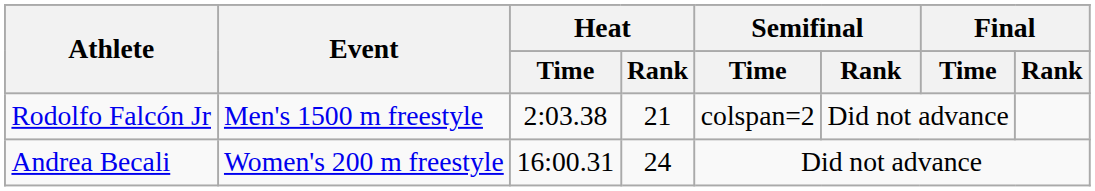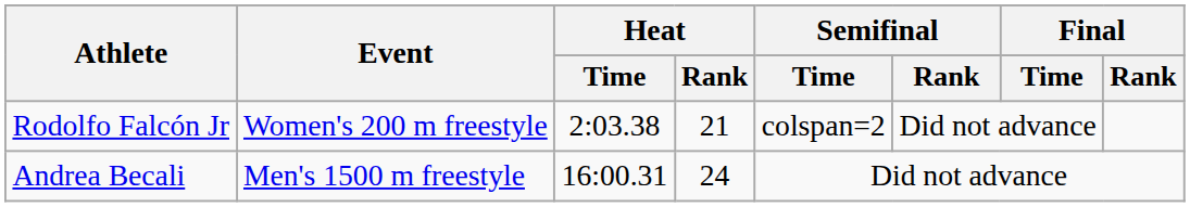 <table class=wikitable style="font-size:90%">
 <tr>
 <th rowspan="2">Athlete</th>
 <th rowspan="2">Event</th>
 <th colspan="2">Heat</th>
 <th colspan="2">Semifinal</th>
 <th colspan="2">Final</th>
 </tr>
 <tr style="font-size:95%">
 <th>Time</th>
 <th>Rank</th>
 <th>Time</th>
 <th>Rank</th>
 <th>Time</th>
 <th>Rank</th>
 </tr>
 <tr align=center>
 <td align=left><a href='#'>Rodolfo Falcón Jr</a></td>
-<td align=left><a href='#'>Men's 1500 m freestyle</a></td>
+<td align=left><a href='#'>Women's 200 m freestyle</a></td>
 <td>2:03.38</td>
 <td>21</td>
 <td>colspan=2 </td>
 <td colspan=2>Did not advance</td>
 </tr>
 <tr align=center>
 <td align=left><a href='#'>Andrea Becali</a></td>
-<td align=left><a href='#'>Women's 200 m freestyle</a></td>
+<td align=left><a href='#'>Men's 1500 m freestyle</a></td>
 <td>16:00.31</td>
 <td>24</td>
 <td colspan=4>Did not advance</td>
 </tr>
 </table>
